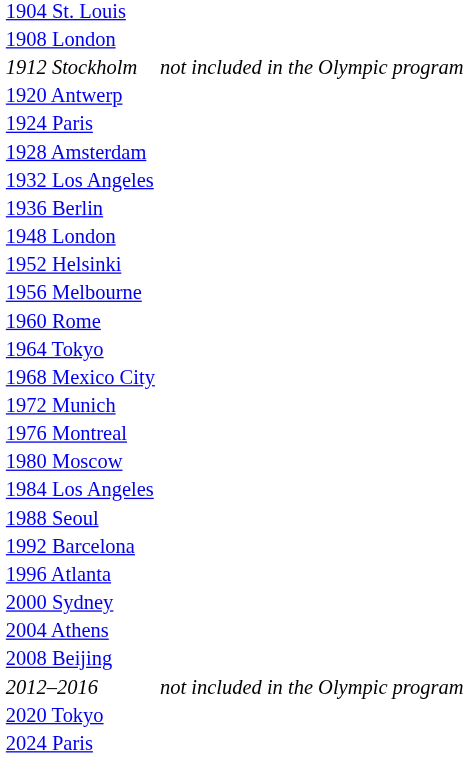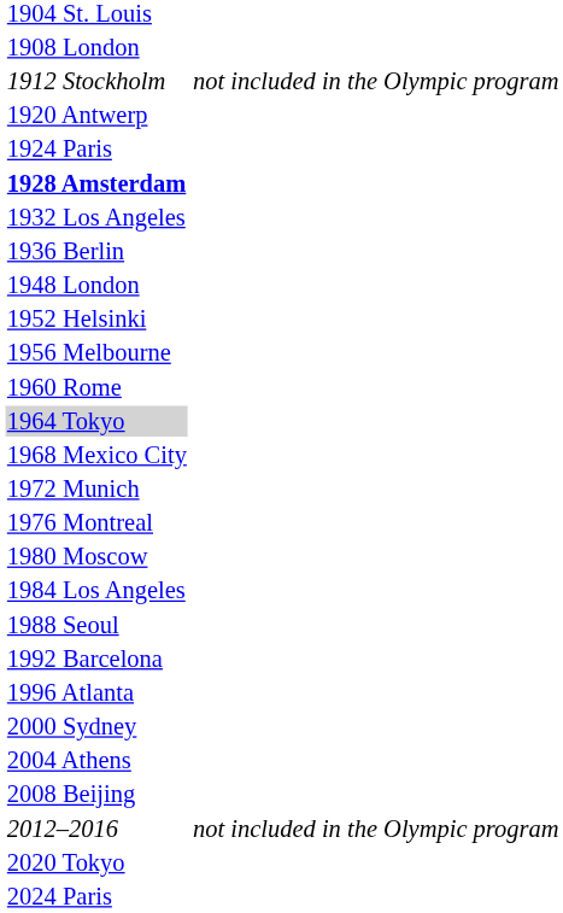 <table>
 <tr valign="top">
 <td><a href='#'>1904 St. Louis</a><br></td>
 <td></td>
 <td></td>
 <td></td>
 </tr>
 <tr valign="top">
 <td><a href='#'>1908 London</a><br></td>
 <td></td>
 <td></td>
 <td></td>
 </tr>
 <tr>
 <td><em>1912 Stockholm</em></td>
 <td colspan="3" style="text-align:center;"><em>not included in the Olympic program</em></td>
 </tr>
 <tr valign="top">
 <td><a href='#'>1920 Antwerp</a><br></td>
 <td></td>
 <td></td>
 <td></td>
 </tr>
 <tr valign="top">
 <td><a href='#'>1924 Paris</a><br></td>
 <td></td>
 <td></td>
 <td></td>
 </tr>
 <tr valign="top">
-<td><a href='#'>1928 Amsterdam</a><br></td>
+<td><strong><a href='#'>1928 Amsterdam</a><br></strong></td>
 <td></td>
 <td></td>
 <td></td>
 </tr>
 <tr valign="top">
 <td><a href='#'>1932 Los Angeles</a><br></td>
 <td></td>
 <td></td>
 <td></td>
 </tr>
 <tr valign="top">
 <td><a href='#'>1936 Berlin</a><br></td>
 <td></td>
 <td></td>
 <td></td>
 </tr>
 <tr valign="top">
 <td><a href='#'>1948 London</a><br></td>
 <td></td>
 <td></td>
 <td></td>
 </tr>
 <tr valign="top">
 <td><a href='#'>1952 Helsinki</a><br></td>
 <td></td>
 <td></td>
 <td><br></td>
 </tr>
 <tr valign="top">
 <td><a href='#'>1956 Melbourne</a><br></td>
 <td></td>
 <td></td>
 <td><br></td>
 </tr>
 <tr valign="top">
 <td><a href='#'>1960 Rome</a><br></td>
 <td></td>
 <td></td>
 <td><br></td>
 </tr>
 <tr valign="top">
-<td><a href='#'>1964 Tokyo</a><br></td>
+<td style="background: lightgrey;"><a href='#'>1964 Tokyo</a><br></td>
 <td></td>
 <td></td>
 <td><br></td>
 </tr>
 <tr valign="top">
 <td><a href='#'>1968 Mexico City</a><br></td>
 <td></td>
 <td></td>
 <td><br></td>
 </tr>
 <tr valign="top">
 <td><a href='#'>1972 Munich</a><br></td>
 <td></td>
 <td></td>
 <td><br></td>
 </tr>
 <tr valign="top">
 <td><a href='#'>1976 Montreal</a><br></td>
 <td></td>
 <td></td>
 <td><br></td>
 </tr>
 <tr valign="top">
 <td><a href='#'>1980 Moscow</a><br></td>
 <td></td>
 <td></td>
 <td><br></td>
 </tr>
 <tr valign="top">
 <td><a href='#'>1984 Los Angeles</a><br></td>
 <td></td>
 <td></td>
 <td><br></td>
 </tr>
 <tr valign="top">
 <td><a href='#'>1988 Seoul</a><br></td>
 <td></td>
 <td></td>
 <td><br></td>
 </tr>
 <tr valign="top">
 <td><a href='#'>1992 Barcelona</a><br></td>
 <td></td>
 <td></td>
 <td><br></td>
 </tr>
 <tr valign="top">
 <td><a href='#'>1996 Atlanta</a><br></td>
 <td></td>
 <td></td>
 <td><br></td>
 </tr>
 <tr valign="top">
 <td><a href='#'>2000 Sydney</a><br></td>
 <td></td>
 <td></td>
 <td><br></td>
 </tr>
 <tr valign="top">
 <td><a href='#'>2004 Athens</a><br></td>
 <td></td>
 <td></td>
 <td><br></td>
 </tr>
 <tr valign="top">
 <td><a href='#'>2008 Beijing</a><br></td>
 <td></td>
 <td></td>
 <td><br> </td>
 </tr>
 <tr>
 <td><em>2012–2016</em></td>
 <td colspan="3" style="text-align:center;"><em>not included in the Olympic program</em></td>
 </tr>
 <tr valign="top">
 <td><a href='#'>2020 Tokyo</a><br></td>
 <td></td>
 <td></td>
 <td><br></td>
 </tr>
 <tr valign="top">
 <td><a href='#'>2024 Paris</a><br></td>
 <td></td>
 <td></td>
 <td><br></td>
 </tr>
 </table>
